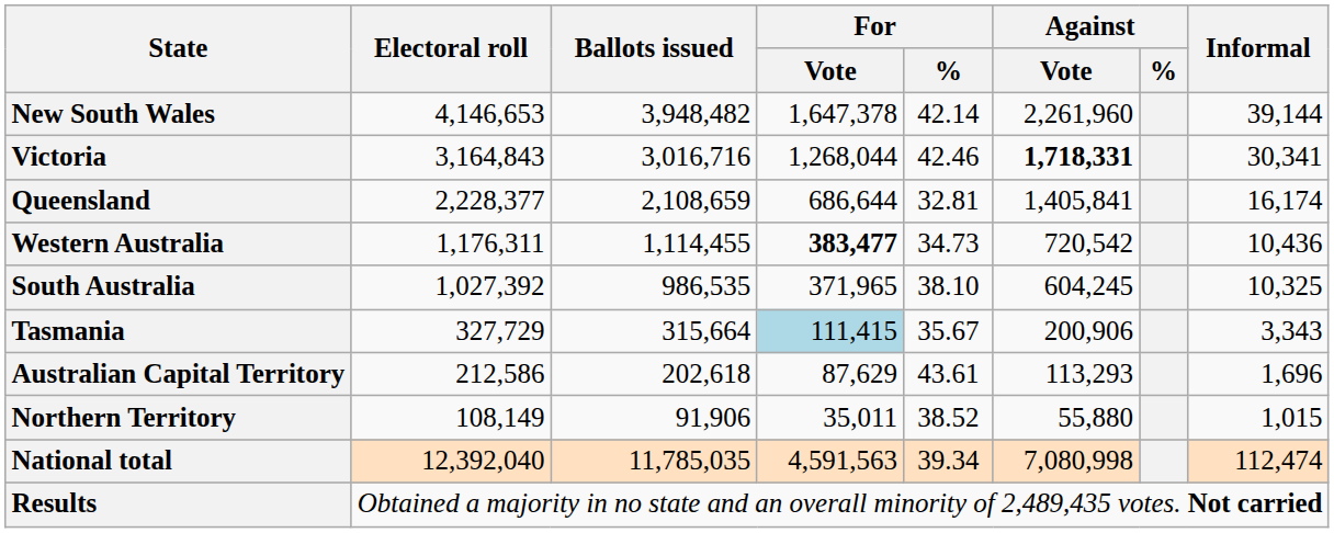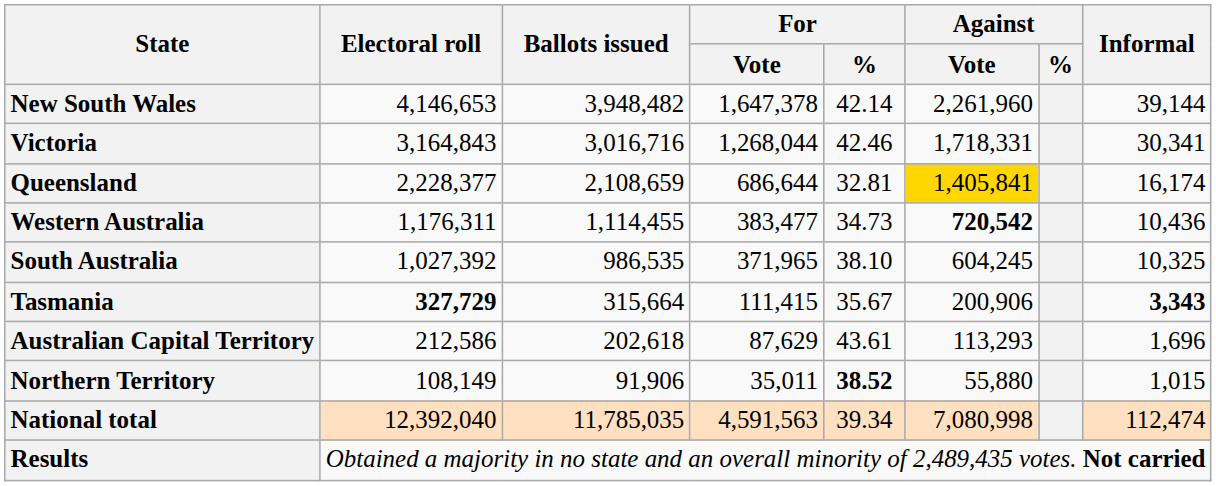 <table class="wikitable">
 <tr align=center>
 <th rowspan="2">State</th>
 <th rowspan="2">Electoral roll</th>
 <th rowspan="2">Ballots issued</th>
 <th align=center colspan="2">For</th>
 <th align=center colspan="2">Against</th>
 <th align=center rowspan="2">Informal</th>
 </tr>
 <tr>
 <th align=center>Vote</th>
 <th align=center>%</th>
 <th align=center>Vote</th>
 <th align=center>%</th>
 </tr>
 <tr align="right">
 <th style="text-align:left;">New South Wales</th>
 <td>4,146,653</td>
 <td>3,948,482</td>
 <td>1,647,378</td>
 <td align="center">42.14</td>
 <td>2,261,960</td>
 <th></th>
 <td>39,144</td>
 </tr>
 <tr align="right">
 <th style="text-align:left;">Victoria</th>
 <td>3,164,843</td>
 <td>3,016,716</td>
 <td>1,268,044</td>
 <td align="center">42.46</td>
-<td><strong>1,718,331</strong></td>
+<td>1,718,331</td>
 <th></th>
 <td>30,341</td>
 </tr>
 <tr align="right">
 <th style="text-align:left;">Queensland</th>
 <td>2,228,377</td>
 <td>2,108,659</td>
 <td>686,644</td>
 <td align="center">32.81</td>
-<td>1,405,841</td>
+<td style="background: gold;">1,405,841</td>
 <th></th>
 <td>16,174</td>
 </tr>
 <tr align="right">
 <th style="text-align:left;">Western Australia</th>
 <td>1,176,311</td>
 <td>1,114,455</td>
-<td><strong>383,477</strong></td>
+<td>383,477</td>
 <td align="center">34.73</td>
-<td>720,542</td>
+<td><strong>720,542</strong></td>
 <th></th>
 <td>10,436</td>
 </tr>
 <tr align="right">
 <th style="text-align:left;">South Australia</th>
 <td>1,027,392</td>
 <td>986,535</td>
 <td>371,965</td>
 <td align="center">38.10</td>
 <td>604,245</td>
 <th></th>
 <td>10,325</td>
 </tr>
 <tr align="right">
 <th style="text-align:left;">Tasmania</th>
-<td>327,729</td>
+<td><strong>327,729</strong></td>
 <td>315,664</td>
-<td style="background: lightblue;">111,415</td>
+<td>111,415</td>
 <td align="center">35.67</td>
 <td>200,906</td>
 <th></th>
-<td>3,343</td>
+<td><strong>3,343</strong></td>
 </tr>
 <tr align="right">
 <th style="text-align:left;">Australian Capital Territory</th>
 <td>212,586</td>
 <td>202,618</td>
 <td>87,629</td>
 <td align="center">43.61</td>
 <td>113,293</td>
 <th></th>
 <td>1,696</td>
 </tr>
 <tr align="right">
 <th style="text-align:left;">Northern Territory</th>
 <td>108,149</td>
 <td>91,906</td>
 <td>35,011</td>
-<td align="center">38.52</td>
+<td align="center"><strong>38.52</strong></td>
 <td>55,880</td>
 <th></th>
 <td>1,015</td>
 </tr>
 <tr bgcolor=#FFE0C0 align="right">
 <th style="text-align:left;">National total</th>
 <td>12,392,040</td>
 <td>11,785,035</td>
 <td>4,591,563</td>
 <td nowrap="" align="center">39.34</td>
 <td>7,080,998</td>
 <th></th>
 <td>112,474</td>
 </tr>
 <tr>
 <th style="text-align:left;">Results</th>
 <td colSpan="8"><em>Obtained a majority in no state and an overall minority of 2,489,435 votes.</em> <strong>Not carried</strong></td>
 </tr>
 </table>
